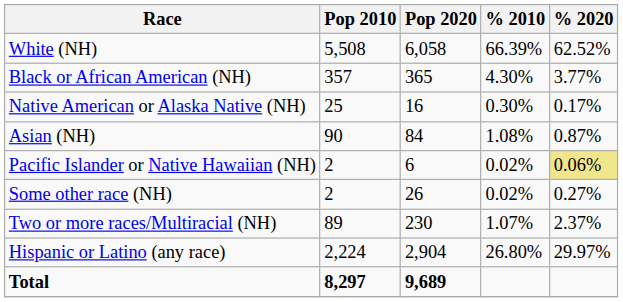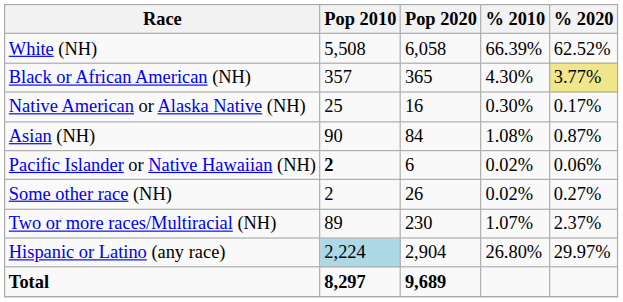 <table class="wikitable">
 <tr>
 <th>Race</th>
 <th>Pop 2010</th>
 <th>Pop 2020</th>
 <th>% 2010</th>
 <th>% 2020</th>
 </tr>
 <tr>
 <td><a href='#'>White</a> (NH)</td>
 <td>5,508</td>
 <td>6,058</td>
 <td>66.39%</td>
 <td>62.52%</td>
 </tr>
 <tr>
 <td><a href='#'>Black or African American</a> (NH)</td>
 <td>357</td>
 <td>365</td>
 <td>4.30%</td>
-<td>3.77%</td>
+<td style="background: khaki;">3.77%</td>
 </tr>
 <tr>
 <td><a href='#'>Native American</a> or <a href='#'>Alaska Native</a> (NH)</td>
 <td>25</td>
 <td>16</td>
 <td>0.30%</td>
 <td>0.17%</td>
 </tr>
 <tr>
 <td><a href='#'>Asian</a> (NH)</td>
 <td>90</td>
 <td>84</td>
 <td>1.08%</td>
 <td>0.87%</td>
 </tr>
 <tr>
 <td><a href='#'>Pacific Islander</a> or <a href='#'>Native Hawaiian</a> (NH)</td>
-<td>2</td>
+<td><strong>2</strong></td>
 <td>6</td>
 <td>0.02%</td>
-<td style="background: khaki;">0.06%</td>
+<td>0.06%</td>
 </tr>
 <tr>
 <td><a href='#'>Some other race</a> (NH)</td>
 <td>2</td>
 <td>26</td>
 <td>0.02%</td>
 <td>0.27%</td>
 </tr>
 <tr>
 <td><a href='#'>Two or more races/Multiracial</a> (NH)</td>
 <td>89</td>
 <td>230</td>
 <td>1.07%</td>
 <td>2.37%</td>
 </tr>
 <tr>
 <td><a href='#'>Hispanic or Latino</a> (any race)</td>
-<td>2,224</td>
+<td style="background: lightblue;">2,224</td>
 <td>2,904</td>
 <td>26.80%</td>
 <td>29.97%</td>
 </tr>
 <tr>
 <td><strong>Total</strong></td>
 <td><strong>8,297</strong></td>
 <td><strong>9,689</strong></td>
 <td></td>
 <td></td>
 </tr>
 <tr>
 </tr>
 </table>
